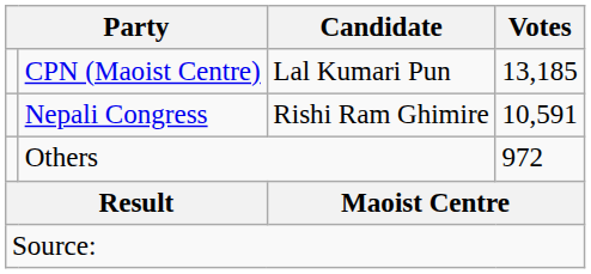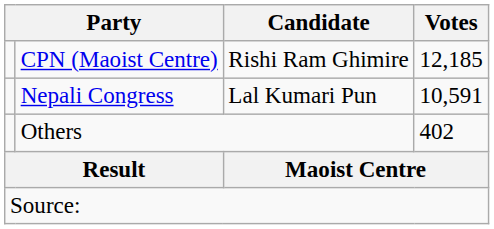 <table class="wikitable">
 <tr>
 <th colspan="2">Party</th>
 <th>Candidate</th>
 <th>Votes</th>
 </tr>
 <tr>
 <td style="background-color:"></td>
 <td><a href='#'>CPN (Maoist Centre)</a></td>
-<td>Lal Kumari Pun</td>
-<td>13,185</td>
+<td>Rishi Ram Ghimire</td>
+<td>12,185</td>
 </tr>
 <tr>
 <td style="background-color:"></td>
 <td><a href='#'>Nepali Congress</a></td>
-<td>Rishi Ram Ghimire</td>
+<td>Lal Kumari Pun</td>
 <td>10,591</td>
 </tr>
 <tr>
 <td></td>
 <td colspan="2">Others</td>
-<td>972</td>
+<td>402</td>
 </tr>
 <tr>
 <th colspan="2">Result</th>
 <th colspan="2">Maoist Centre</th>
 </tr>
 <tr>
 <td colspan="4">Source: </td>
 </tr>
 </table>
